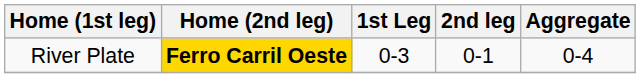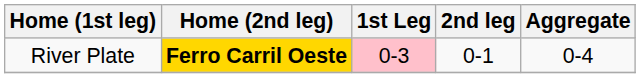 <table class="wikitable" style="text-align: center;">
 <tr>
 <th>Home (1st leg)</th>
 <th>Home (2nd leg)</th>
 <th>1st Leg</th>
 <th>2nd leg</th>
 <th>Aggregate</th>
 </tr>
 <tr>
 <td>River Plate</td>
 <td bgcolor="gold"><strong>Ferro Carril Oeste</strong></td>
-<td>0-3</td>
+<td style="background: pink;">0-3</td>
 <td>0-1</td>
 <td>0-4</td>
 </tr>
 <tr>
 </tr>
 </table>
